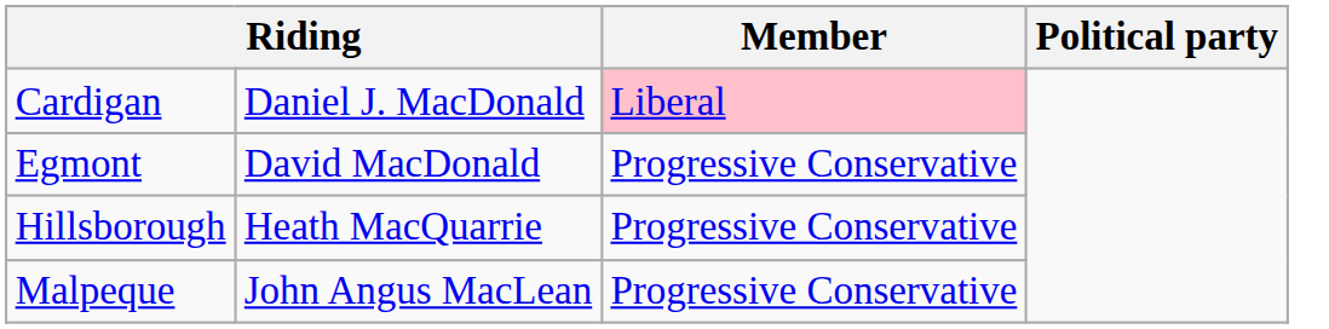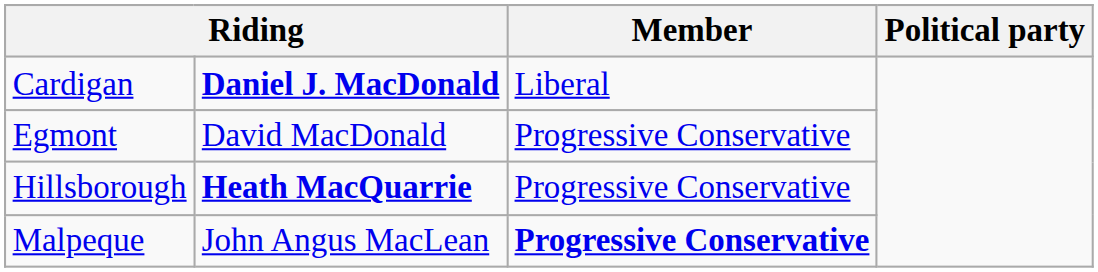 <table class="wikitable">
 <tr>
 <th colspan=2>Riding</th>
 <th>Member</th>
 <th>Political party</th>
 </tr>
 <tr>
 <td><a href='#'>Cardigan</a></td>
-<td><a href='#'>Daniel J. MacDonald</a></td>
-<td style="background: pink;"><a href='#'>Liberal</a></td>
+<td><strong><a href='#'>Daniel J. MacDonald</a></strong></td>
+<td><a href='#'>Liberal</a></td>
 </tr>
 <tr>
 <td><a href='#'>Egmont</a></td>
 <td><a href='#'>David MacDonald</a></td>
 <td><a href='#'>Progressive Conservative</a></td>
 </tr>
 <tr>
 <td><a href='#'>Hillsborough</a></td>
-<td><a href='#'>Heath MacQuarrie</a></td>
+<td><strong><a href='#'>Heath MacQuarrie</a></strong></td>
 <td><a href='#'>Progressive Conservative</a></td>
 </tr>
 <tr>
 <td><a href='#'>Malpeque</a></td>
 <td><a href='#'>John Angus MacLean</a></td>
-<td><a href='#'>Progressive Conservative</a></td>
+<td><strong><a href='#'>Progressive Conservative</a></strong></td>
 </tr>
 </table>
